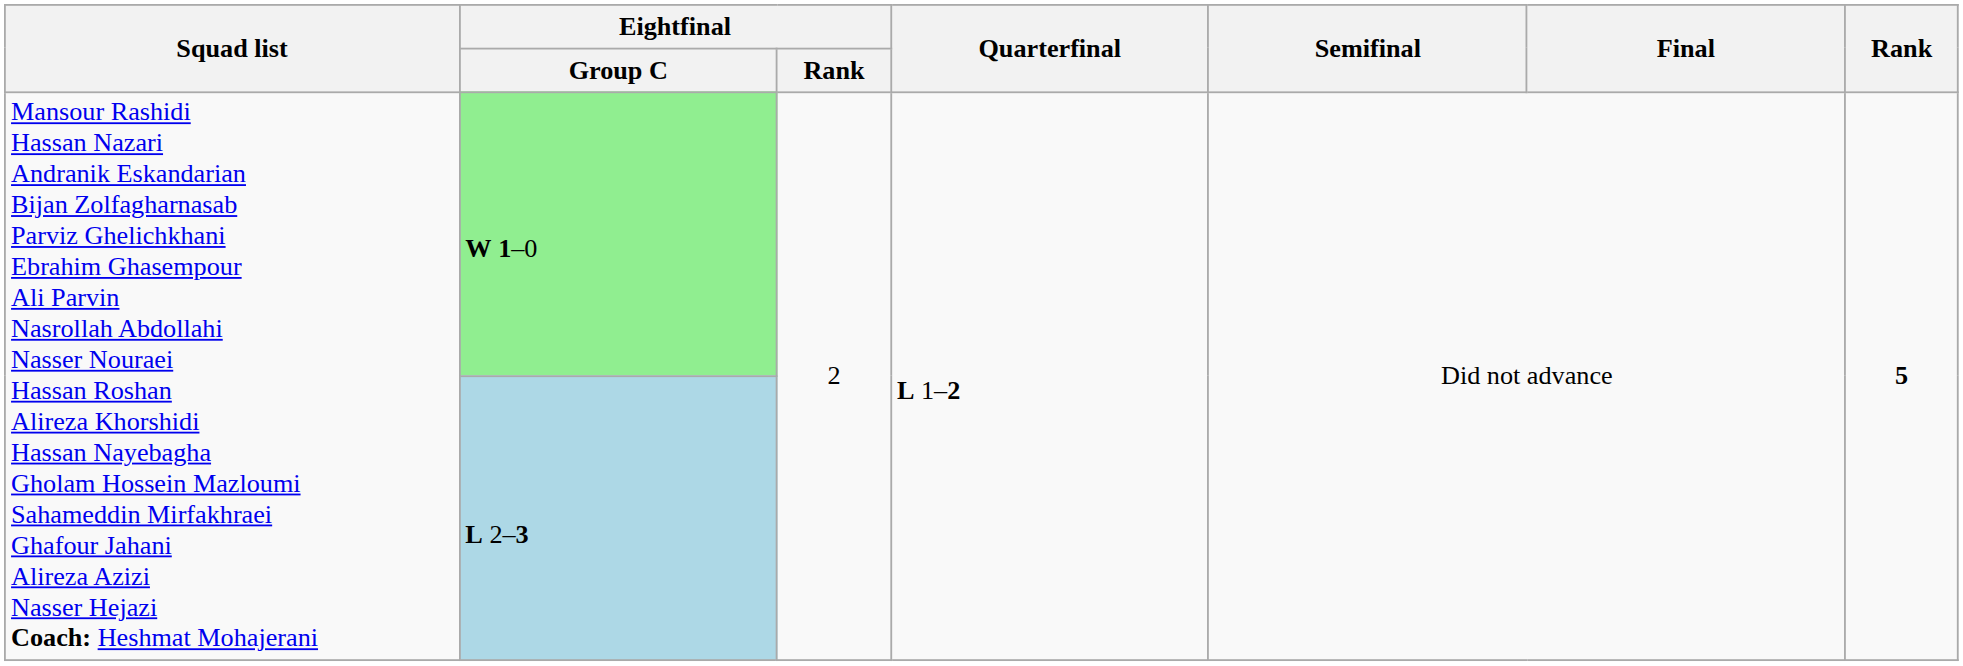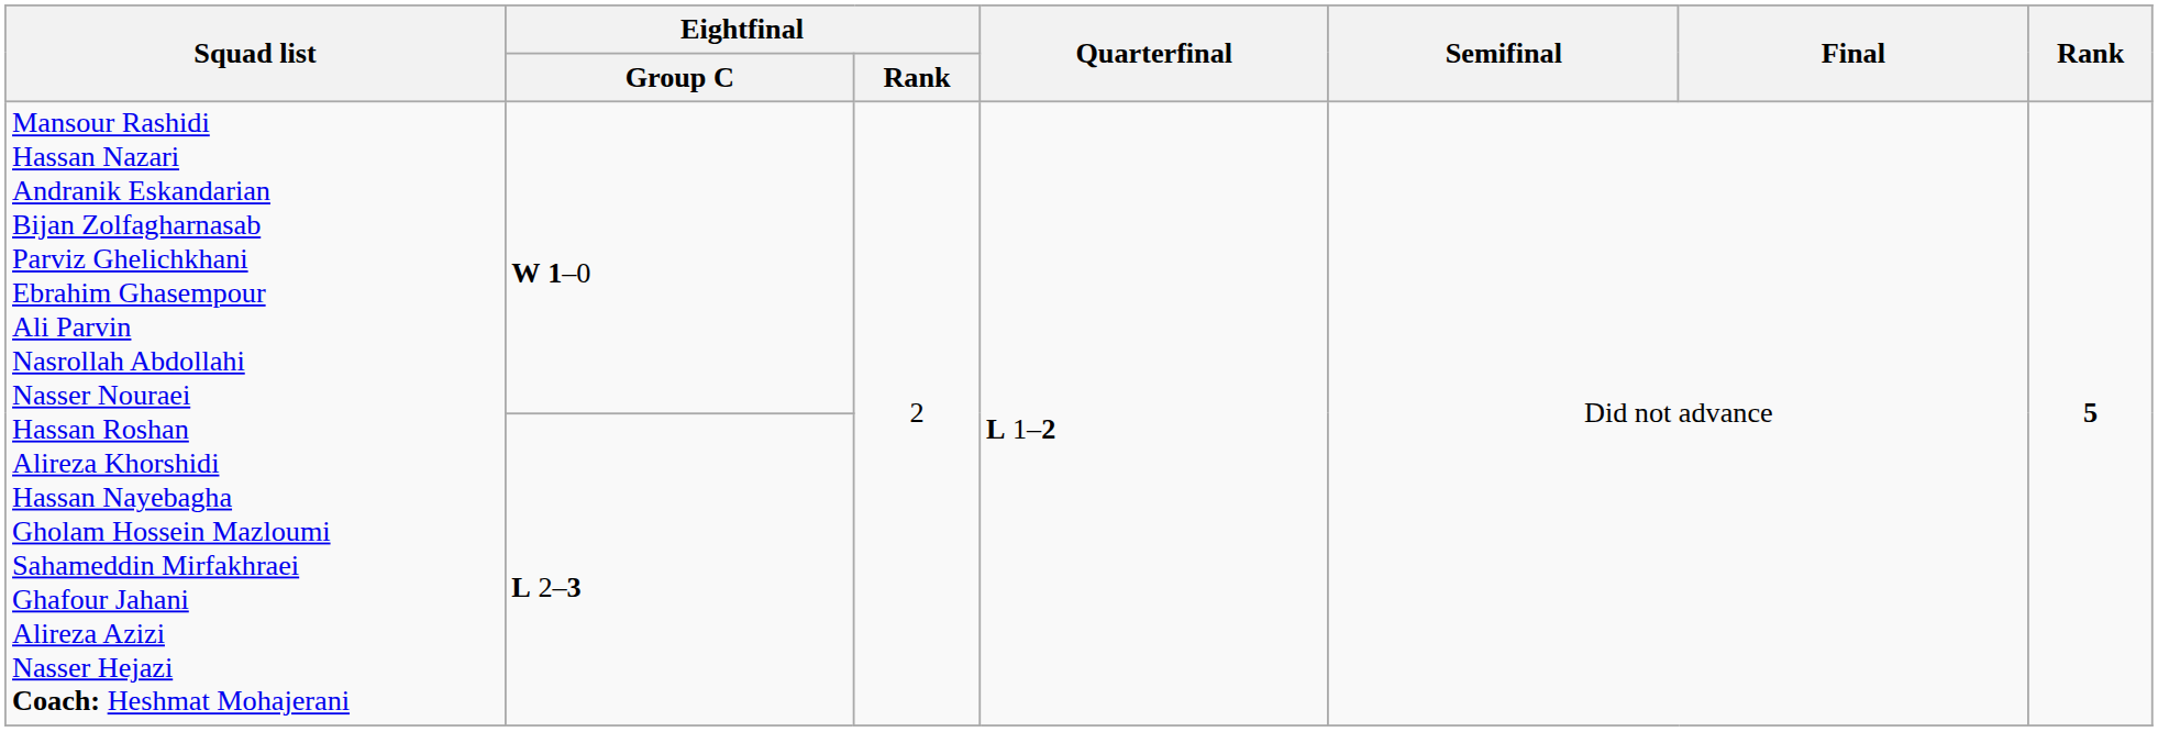 <table class="wikitable" width="85%" style="text-align:left; font-size:90%">
 <tr>
 <th rowspan="2" width="20%">Squad list</th>
 <th colspan="2">Eightfinal</th>
 <th rowspan="2" width="14%">Quarterfinal</th>
 <th rowspan="2" width="14%">Semifinal</th>
 <th rowspan="2" width="14%">Final</th>
 <th rowspan="2" width="5%">Rank</th>
 </tr>
 <tr>
 <th width="14%">Group C</th>
 <th width="5%">Rank</th>
 </tr>
 <tr>
 <td rowspan="2"><a href='#'>Mansour Rashidi</a><br><a href='#'>Hassan Nazari</a><br><a href='#'>Andranik Eskandarian</a><br><a href='#'>Bijan Zolfagharnasab</a><br><a href='#'>Parviz Ghelichkhani</a><br><a href='#'>Ebrahim Ghasempour</a><br><a href='#'>Ali Parvin</a><br><a href='#'>Nasrollah Abdollahi</a><br><a href='#'>Nasser Nouraei</a><br><a href='#'>Hassan Roshan</a><br><a href='#'>Alireza Khorshidi</a><br><a href='#'>Hassan Nayebagha</a><br><a href='#'>Gholam Hossein Mazloumi</a><br><a href='#'>Sahameddin Mirfakhraei</a><br><a href='#'>Ghafour Jahani</a><br><a href='#'>Alireza Azizi</a><br><a href='#'>Nasser Hejazi</a><br> <strong>Coach:</strong> <a href='#'>Heshmat Mohajerani</a></td>
-<td style="background: lightgreen;"><br><strong>W</strong> <strong>1</strong>–0</td>
+<td><br><strong>W</strong> <strong>1</strong>–0</td>
 <td rowspan="2" align=center>2 <strong></strong></td>
 <td rowspan="2"><br><strong>L</strong> 1–<strong>2</strong></td>
 <td colspan=2 rowspan="2" align=center>Did not advance</td>
 <td rowspan="2" align="center"><strong>5</strong></td>
 </tr>
 <tr>
-<td style="background: lightblue;"><br><strong>L</strong> 2–<strong>3</strong></td>
+<td><br><strong>L</strong> 2–<strong>3</strong></td>
 </tr>
 </table>
